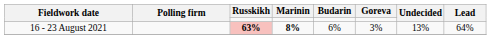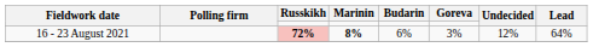 <table class=wikitable style="font-size:95%; line-height:14px; text-align:center">
 <tr>
 <th style=width:200px; rowspan=2>Fieldwork date</th>
 <th style=width:150px; rowspan=2>Polling firm</th>
 <th style="width:60px;">Russkikh</th>
 <th style="width:60px;">Marinin</th>
 <th style="width:60px;">Budarin</th>
 <th style="width:60px;">Goreva</th>
 <th style="width:60px;" rowspan=2>Undecided</th>
 <th style="width:60px;" rowspan="2">Lead</th>
 </tr>
 <tr>
 <td bgcolor=></td>
 <td bgcolor=></td>
 <td bgcolor=></td>
 <td bgcolor=></td>
 </tr>
 <tr>
 <td>16 - 23 August 2021</td>
 <td></td>
-<td style="background:#F8C1BE"><strong>63%</strong></td>
+<td style="background:#F8C1BE"><strong>72%</strong></td>
 <td><strong>8%</strong></td>
 <td>6%</td>
 <td>3%</td>
-<td>13%</td>
+<td>12%</td>
 <td style="background:">64%</td>
 </tr>
 <tr>
 </tr>
 </table>
